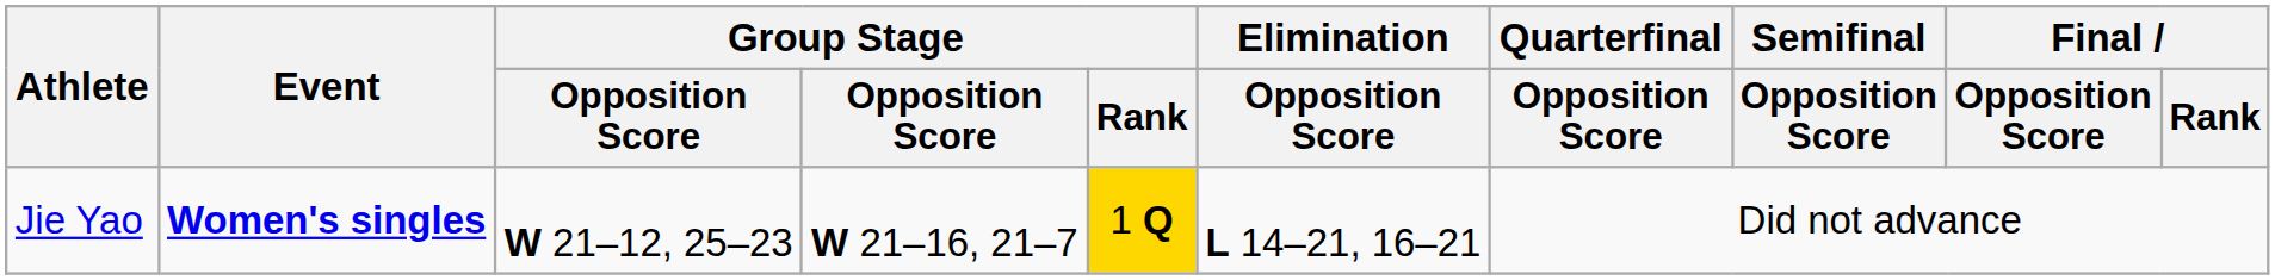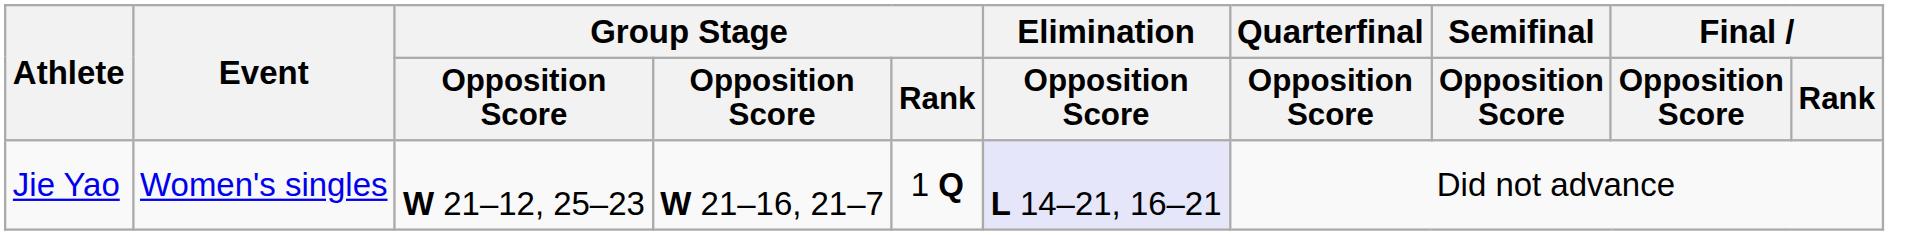 <table class="wikitable" style="font-size:90%">
 <tr>
 <th rowspan=2>Athlete</th>
 <th rowspan=2>Event</th>
 <th colspan=3>Group Stage</th>
 <th>Elimination</th>
 <th>Quarterfinal</th>
 <th>Semifinal</th>
 <th colspan=2>Final / </th>
 </tr>
 <tr style="font-size:95%">
 <th>Opposition<br>Score</th>
 <th>Opposition<br>Score</th>
 <th>Rank</th>
 <th>Opposition<br>Score</th>
 <th>Opposition<br>Score</th>
 <th>Opposition<br>Score</th>
 <th>Opposition<br>Score</th>
 <th>Rank</th>
 </tr>
 <tr align=center>
 <td align=left><a href='#'>Jie Yao</a></td>
-<td align=left><strong><a href='#'>Women's singles</a></strong></td>
+<td align=left><a href='#'>Women's singles</a></td>
 <td><br><strong>W</strong> 21–12, 25–23</td>
 <td><br><strong>W</strong> 21–16, 21–7</td>
-<td style="background: gold;">1 <strong>Q</strong></td>
-<td><br><strong>L</strong> 14–21, 16–21</td>
+<td>1 <strong>Q</strong></td>
+<td style="background: lavender;"><br><strong>L</strong> 14–21, 16–21</td>
 <td colspan=4>Did not advance</td>
 </tr>
 </table>
